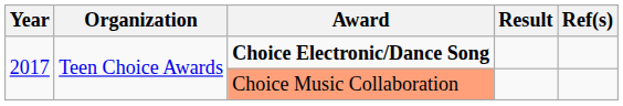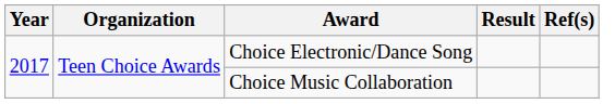 <table class="wikitable plainrowheaders">
 <tr align=center>
 <th scope="col">Year</th>
 <th scope="col">Organization</th>
 <th scope="col">Award</th>
 <th scope="col">Result</th>
 <th scope="col">Ref(s)</th>
 </tr>
 <tr>
 <td rowspan="2"><a href='#'>2017</a></td>
 <td rowspan="2"><a href='#'>Teen Choice Awards</a></td>
-<td><strong>Choice Electronic/Dance Song</strong></td>
+<td>Choice Electronic/Dance Song</td>
 <td></td>
 <td style="text-align:center;"></td>
 </tr>
 <tr>
-<td style="background: lightsalmon;">Choice Music Collaboration</td>
+<td>Choice Music Collaboration</td>
 <td></td>
 <td style="text-align:center;"></td>
 </tr>
 </table>
